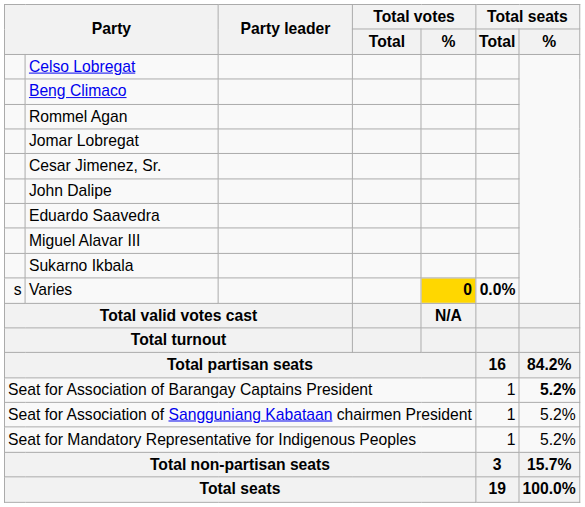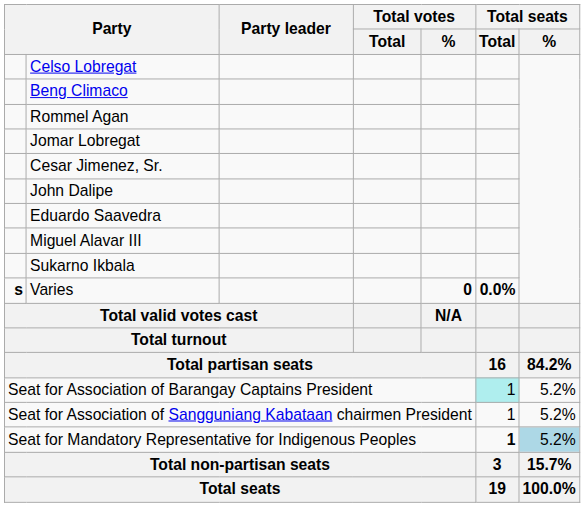 <table class=wikitable style="text-align:right">
 <tr>
 <th rowspan=2 colspan=2>Party</th>
 <th rowspan=2>Party leader</th>
 <th colspan=2>Total votes</th>
 <th colspan=2>Total seats</th>
 </tr>
 <tr>
 <th>Total</th>
 <th>%</th>
 <th>Total</th>
 <th>%</th>
 </tr>
 <tr>
 <td></td>
 <td align=left><a href='#'>Celso Lobregat</a></td>
 <td></td>
 <td></td>
 <td><strong></strong></td>
 <td></td>
 </tr>
 <tr>
 <td></td>
 <td align=left><a href='#'>Beng Climaco</a></td>
 <td></td>
 <td></td>
 <td><strong></strong></td>
 <td></td>
 </tr>
 <tr>
 <td></td>
 <td align=left>Rommel Agan</td>
 <td></td>
 <td></td>
 <td><strong></strong></td>
 <td></td>
 </tr>
 <tr>
 <td></td>
 <td align=left>Jomar Lobregat</td>
 <td></td>
 <td></td>
 <td><strong></strong></td>
 <td></td>
 </tr>
 <tr>
 <td></td>
 <td align=left>Cesar Jimenez, Sr.</td>
 <td></td>
 <td></td>
 <td><strong></strong></td>
 <td></td>
 </tr>
 <tr>
 <td></td>
 <td align=left>John Dalipe</td>
 <td></td>
 <td></td>
 <td><strong></strong></td>
 <td></td>
 </tr>
 <tr>
 <td></td>
 <td align=left>Eduardo Saavedra</td>
 <td></td>
 <td></td>
 <td><strong></strong></td>
 <td></td>
 </tr>
 <tr>
 <td></td>
 <td align=left>Miguel Alavar III</td>
 <td></td>
 <td></td>
 <td><strong></strong></td>
 <td></td>
 </tr>
 <tr>
 <td></td>
 <td align=left>Sukarno Ikbala</td>
 <td></td>
 <td></td>
 <td><strong></strong></td>
 <td></td>
 </tr>
 <tr>
-<td>s</td>
+<td><strong>s</strong></td>
 <td align=left>Varies</td>
 <td></td>
 <td></td>
-<td style="background: gold;"><strong>0</strong></td>
+<td><strong>0</strong></td>
 <td><strong>0.0%</strong></td>
 </tr>
 <tr>
 <th align=left colspan=3>Total valid votes cast</th>
 <th></th>
 <th>N/A</th>
 <th></th>
 <th></th>
 </tr>
 <tr>
 <th align=left colspan=3>Total turnout</th>
 <th></th>
 <th></th>
 <th></th>
 <th></th>
 </tr>
 <tr>
 <th align=left colspan=5>Total partisan seats</th>
 <th>16</th>
 <th>84.2%</th>
 </tr>
 <tr>
 <td align=left colspan=5>Seat for Association of Barangay Captains President</td>
-<td>1</td>
-<td><strong>5.2%</strong></td>
+<td style="background: paleturquoise;">1</td>
+<td>5.2%</td>
 </tr>
 <tr>
 <td align=left colspan=5>Seat for Association of <a href='#'>Sangguniang Kabataan</a> chairmen President</td>
 <td>1</td>
 <td>5.2%</td>
 </tr>
 <tr>
 <td align=left colspan=5>Seat for Mandatory Representative for Indigenous Peoples</td>
-<td>1</td>
-<td>5.2%</td>
+<td><strong>1</strong></td>
+<td style="background: lightblue;">5.2%</td>
 </tr>
 <tr>
 <th align=left colspan=5>Total non-partisan seats</th>
 <th>3</th>
 <th>15.7%</th>
 </tr>
 <tr>
 <th colspan=5>Total seats</th>
 <th>19</th>
 <th>100.0%</th>
 </tr>
 </table>
